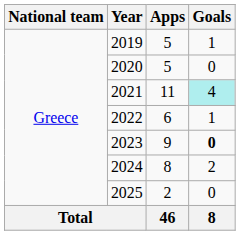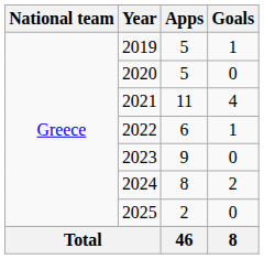 <table class="wikitable" style="text-align:center">
 <tr>
 <th>National team</th>
 <th>Year</th>
 <th>Apps</th>
 <th>Goals</th>
 </tr>
 <tr>
 <td rowspan="7"><a href='#'>Greece</a></td>
 <td>2019</td>
 <td>5</td>
 <td>1</td>
 </tr>
 <tr>
 <td>2020</td>
 <td>5</td>
 <td>0</td>
 </tr>
 <tr>
 <td>2021</td>
 <td>11</td>
-<td style="background: paleturquoise;">4</td>
+<td>4</td>
 </tr>
 <tr>
 <td>2022</td>
 <td>6</td>
 <td>1</td>
 </tr>
 <tr>
 <td>2023</td>
 <td>9</td>
-<td><strong>0</strong></td>
+<td>0</td>
 </tr>
 <tr>
 <td>2024</td>
 <td>8</td>
 <td>2</td>
 </tr>
 <tr>
 <td>2025</td>
 <td>2</td>
 <td>0</td>
 </tr>
 <tr>
 <th colspan="2">Total</th>
 <th>46</th>
 <th>8</th>
 </tr>
 </table>
